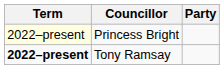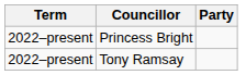 <table class="wikitable">
 <tr>
 <th>Term</th>
 <th>Councillor</th>
 <th colspan=2>Party</th>
 </tr>
 <tr>
-<td style="background: lightyellow;">2022–present</td>
+<td>2022–present</td>
 <td>Princess Bright</td>
 <td></td>
 </tr>
 <tr>
-<td><strong>2022–present</strong></td>
+<td>2022–present</td>
 <td>Tony Ramsay</td>
 <td></td>
 </tr>
 </table>
